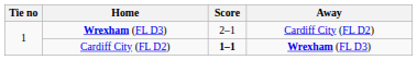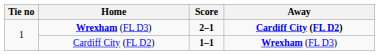 <table class="wikitable" style="text-align:center">
 <tr>
 <th width=50>Tie no</th>
 <th width=250>Home</th>
 <th width=50>Score</th>
 <th width=250>Away</th>
 </tr>
 <tr>
 <td rowspan=2>1</td>
 <td><strong><a href='#'>Wrexham</a></strong> (<a href='#'>FL D3</a>)</td>
-<td>2–1</td>
-<td><a href='#'>Cardiff City</a> (<a href='#'>FL D2</a>)</td>
+<td><strong>2–1</strong></td>
+<td><strong><a href='#'>Cardiff City</a> (<a href='#'>FL D2</a>)</strong></td>
 </tr>
 <tr>
 <td><a href='#'>Cardiff City</a> (<a href='#'>FL D2</a>)</td>
 <td><strong>1–1</strong></td>
 <td><strong><a href='#'>Wrexham</a></strong> (<a href='#'>FL D3</a>)</td>
 </tr>
 </table>
